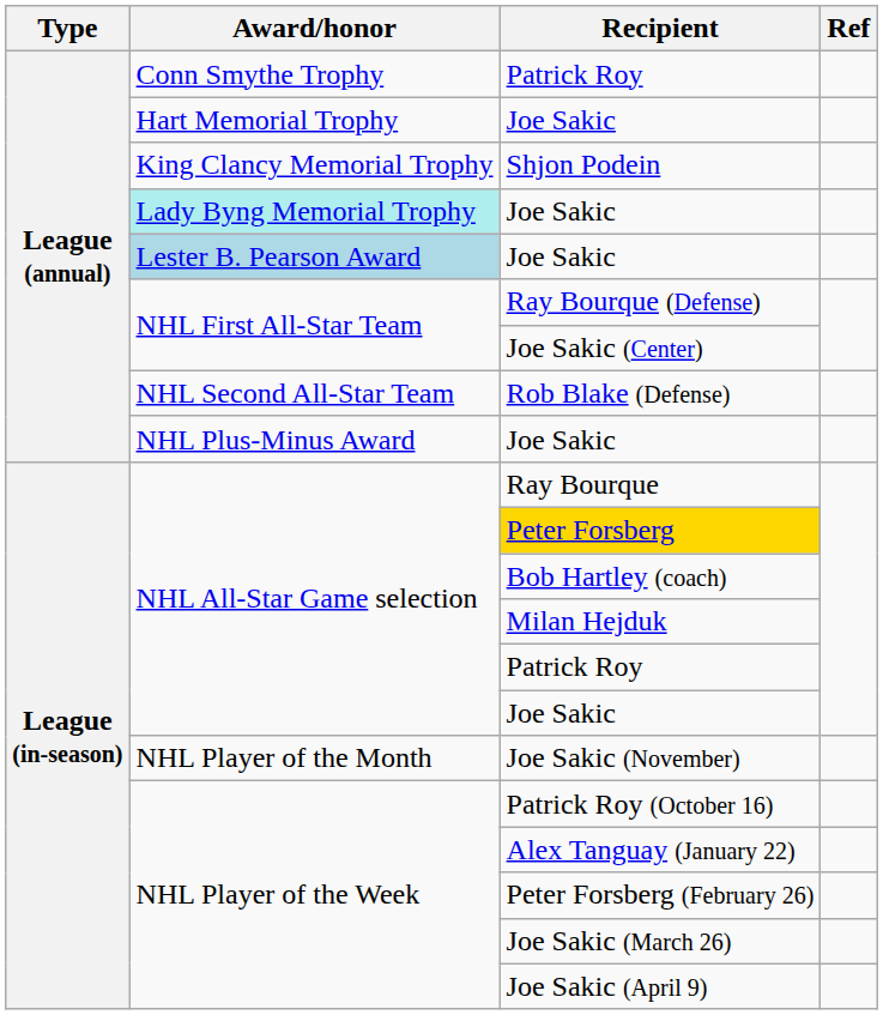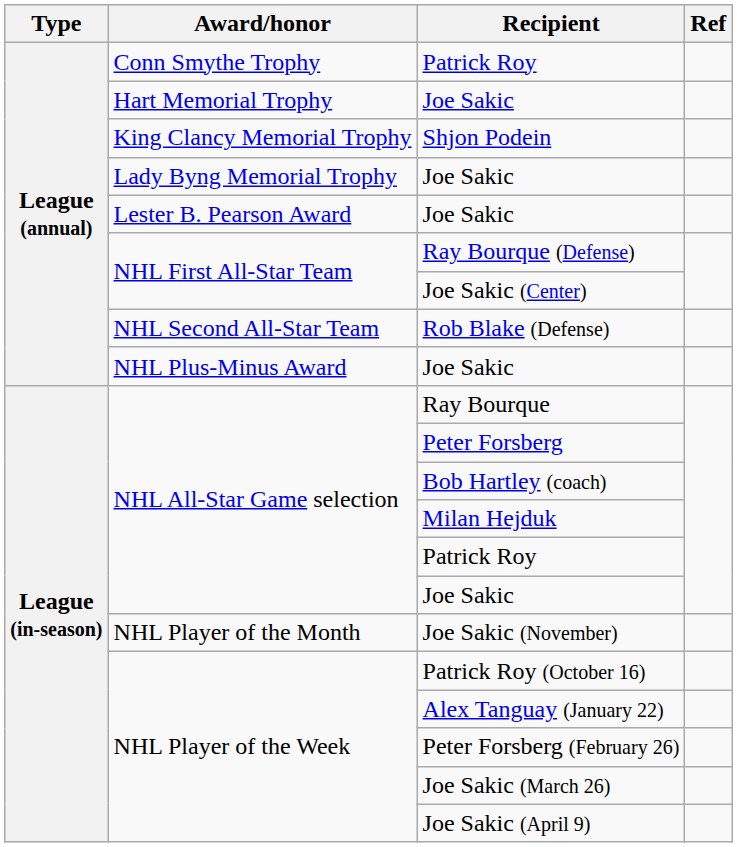 <table class="wikitable">
 <tr>
 <th scope="col">Type</th>
 <th scope="col">Award/honor</th>
 <th scope="col">Recipient</th>
 <th scope="col">Ref</th>
 </tr>
 <tr>
 <th scope="row" rowspan="9">League<br><small>(annual)</small></th>
 <td><a href='#'>Conn Smythe Trophy</a></td>
 <td><a href='#'>Patrick Roy</a></td>
 <td></td>
 </tr>
 <tr>
 <td><a href='#'>Hart Memorial Trophy</a></td>
 <td><a href='#'>Joe Sakic</a></td>
 <td></td>
 </tr>
 <tr>
 <td><a href='#'>King Clancy Memorial Trophy</a></td>
 <td><a href='#'>Shjon Podein</a></td>
 <td></td>
 </tr>
 <tr>
-<td style="background: paleturquoise;"><a href='#'>Lady Byng Memorial Trophy</a></td>
+<td><a href='#'>Lady Byng Memorial Trophy</a></td>
 <td>Joe Sakic</td>
 <td></td>
 </tr>
 <tr>
-<td style="background: lightblue;"><a href='#'>Lester B. Pearson Award</a></td>
+<td><a href='#'>Lester B. Pearson Award</a></td>
 <td>Joe Sakic</td>
 <td></td>
 </tr>
 <tr>
 <td rowspan="2"><a href='#'>NHL First All-Star Team</a></td>
 <td><a href='#'>Ray Bourque</a> <small>(<a href='#'>Defense</a>)</small></td>
 <td rowspan="2"></td>
 </tr>
 <tr>
 <td>Joe Sakic <small>(<a href='#'>Center</a>)</small></td>
 </tr>
 <tr>
 <td><a href='#'>NHL Second All-Star Team</a></td>
 <td><a href='#'>Rob Blake</a> <small>(Defense)</small></td>
 <td></td>
 </tr>
 <tr>
 <td><a href='#'>NHL Plus-Minus Award</a></td>
 <td>Joe Sakic</td>
 <td></td>
 </tr>
 <tr>
 <th scope="row" rowspan="12">League<br><small>(in-season)</small></th>
 <td rowspan="6"><a href='#'>NHL All-Star Game</a> selection</td>
 <td>Ray Bourque</td>
 <td rowspan="6"></td>
 </tr>
 <tr>
-<td style="background: gold;"><a href='#'>Peter Forsberg</a></td>
+<td><a href='#'>Peter Forsberg</a></td>
 </tr>
 <tr>
 <td><a href='#'>Bob Hartley</a> <small>(coach)</small></td>
 </tr>
 <tr>
 <td><a href='#'>Milan Hejduk</a></td>
 </tr>
 <tr>
 <td>Patrick Roy</td>
 </tr>
 <tr>
 <td>Joe Sakic</td>
 </tr>
 <tr>
 <td>NHL Player of the Month</td>
 <td>Joe Sakic <small>(November)</small></td>
 <td></td>
 </tr>
 <tr>
 <td rowspan="5">NHL Player of the Week</td>
 <td>Patrick Roy <small>(October 16)</small></td>
 <td></td>
 </tr>
 <tr>
 <td><a href='#'>Alex Tanguay</a> <small>(January 22)</small></td>
 <td></td>
 </tr>
 <tr>
 <td>Peter Forsberg <small>(February 26)</small></td>
 <td></td>
 </tr>
 <tr>
 <td>Joe Sakic <small>(March 26)</small></td>
 <td></td>
 </tr>
 <tr>
 <td>Joe Sakic <small>(April 9)</small></td>
 <td></td>
 </tr>
 </table>
